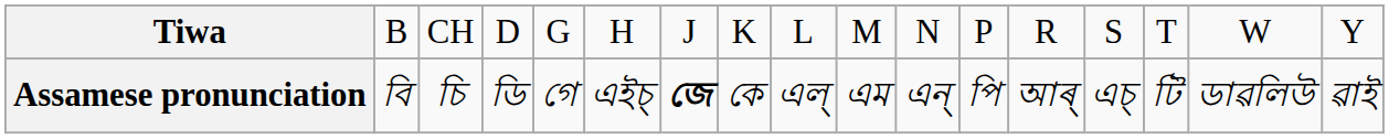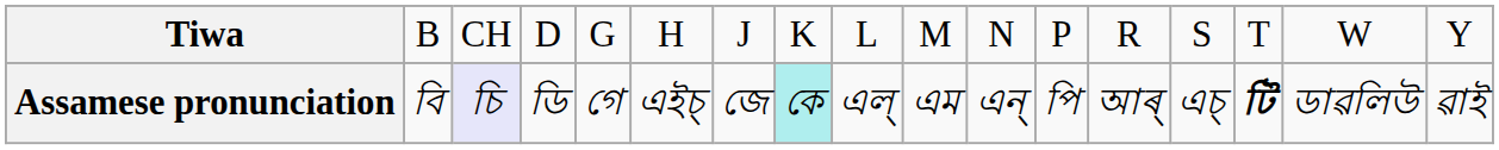 <table class= "wikitable" style ="text-align: center;">
 <tr>
 <th><strong>Tiwa </strong></th>
 <td>B</td>
 <td>CH</td>
 <td>D</td>
 <td>G</td>
 <td>H</td>
 <td>J</td>
 <td>K</td>
 <td>L</td>
 <td>M</td>
 <td>N</td>
 <td>P</td>
 <td>R</td>
 <td>S</td>
 <td>T</td>
 <td>W</td>
 <td>Y</td>
 </tr>
 <tr>
 <th><strong>Assamese pronunciation </strong></th>
 <td><em>বি </em></td>
-<td><em>চি</em></td>
+<td style="background: lavender;"><em>চি</em></td>
 <td><em>ডি</em></td>
 <td><em>গে</em></td>
 <td><em>এইচ্</em></td>
-<td><strong><em>জে</em></strong></td>
-<td><em>কে</em></td>
+<td><em>জে</em></td>
+<td style="background: paleturquoise;"><em>কে</em></td>
 <td><em>এল্</em></td>
 <td><em>এম</em></td>
 <td><em>এন্</em></td>
 <td><em>পি</em></td>
 <td><em>আৰ্</em></td>
 <td><em>এচ্</em></td>
-<td><em>টি</em></td>
+<td><strong><em>টি</em></strong></td>
 <td><em>ডাৱলিউ</em></td>
 <td><em>ৱাই</em></td>
 </tr>
 </table>
